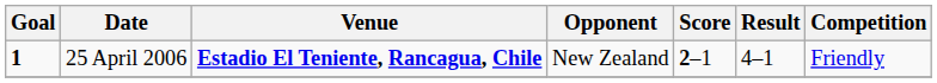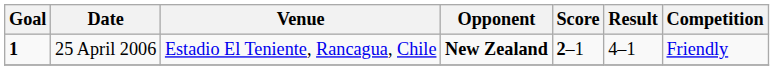 <table class="wikitable collapsible collapsed" style=font-size:85%>
 <tr>
 <th>Goal</th>
 <th>Date</th>
 <th>Venue</th>
 <th>Opponent</th>
 <th>Score</th>
 <th>Result</th>
 <th>Competition</th>
 </tr>
 <tr>
 <td><strong>1</strong></td>
 <td>25 April 2006</td>
-<td><strong><a href='#'>Estadio El Teniente</a>, <a href='#'>Rancagua</a>, <a href='#'>Chile</a></strong></td>
-<td align=left>New Zealand</td>
+<td><a href='#'>Estadio El Teniente</a>, <a href='#'>Rancagua</a>, <a href='#'>Chile</a></td>
+<td align=left><strong>New Zealand</strong></td>
 <td><strong>2</strong>–1</td>
 <td>4–1</td>
 <td><a href='#'>Friendly</a></td>
 </tr>
 <tr>
 </tr>
 </table>
